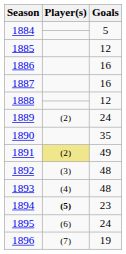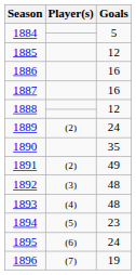 <table class="wikitable sortable" style="text-align:center">
 <tr>
 <th>Season</th>
 <th>Player(s)</th>
 <th>Goals</th>
 </tr>
 <tr>
 <td rowspan="2"><a href='#'>1884</a></td>
 <td></td>
 <td rowspan="2">5</td>
 </tr>
 <tr>
 <td></td>
 </tr>
 <tr>
 <td><a href='#'>1885</a></td>
 <td></td>
 <td>12</td>
 </tr>
 <tr>
 <td><a href='#'>1886</a></td>
 <td></td>
 <td>16</td>
 </tr>
 <tr>
 <td><a href='#'>1887</a></td>
 <td></td>
 <td>16</td>
 </tr>
 <tr>
 <td rowspan="2"><a href='#'>1888</a></td>
 <td></td>
 <td rowspan="2">12</td>
 </tr>
 <tr>
 <td></td>
 </tr>
 <tr>
 <td><a href='#'>1889</a></td>
 <td> <small>(2)</small></td>
 <td>24</td>
 </tr>
 <tr>
 <td><a href='#'>1890</a></td>
 <td></td>
 <td>35</td>
 </tr>
 <tr>
 <td><a href='#'>1891</a></td>
-<td style="background: khaki;"> <small>(2)</small></td>
+<td> <small>(2)</small></td>
 <td>49</td>
 </tr>
 <tr>
 <td><a href='#'>1892</a></td>
 <td> <small>(3)</small></td>
 <td>48</td>
 </tr>
 <tr>
 <td><a href='#'>1893</a></td>
 <td> <small>(4)</small></td>
 <td>48</td>
 </tr>
 <tr>
 <td><a href='#'>1894</a></td>
-<td><strong> <small>(5)</small></strong></td>
+<td> <small>(5)</small></td>
 <td>23</td>
 </tr>
 <tr>
 <td><a href='#'>1895</a></td>
 <td> <small>(6)</small></td>
 <td>24</td>
 </tr>
 <tr>
 <td><a href='#'>1896</a></td>
 <td> <small>(7)</small></td>
 <td>19</td>
 </tr>
 </table>
